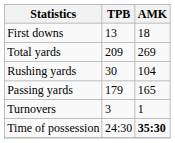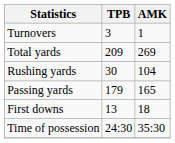 <table class="wikitable" style="float: left;">
 <tr>
 <th>Statistics</th>
 <th>TPB</th>
 <th>AMK</th>
 </tr>
 <tr>
-<td>First downs</td>
-<td>13</td>
-<td>18</td>
+<td>Turnovers</td>
+<td>3</td>
+<td>1</td>
 </tr>
 <tr>
 <td>Total yards</td>
 <td>209</td>
 <td>269</td>
 </tr>
 <tr>
 <td>Rushing yards</td>
 <td>30</td>
 <td>104</td>
 </tr>
 <tr>
 <td>Passing yards</td>
 <td>179</td>
 <td>165</td>
 </tr>
 <tr>
-<td>Turnovers</td>
-<td>3</td>
-<td>1</td>
+<td>First downs</td>
+<td>13</td>
+<td>18</td>
 </tr>
 <tr>
 <td>Time of possession</td>
 <td>24:30</td>
-<td><strong>35:30</strong></td>
+<td>35:30</td>
 </tr>
 <tr>
 </tr>
 </table>
